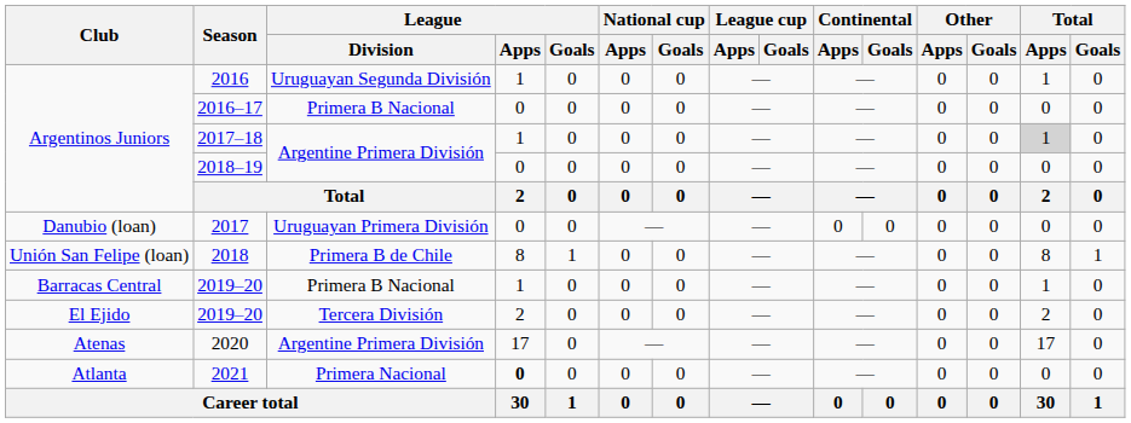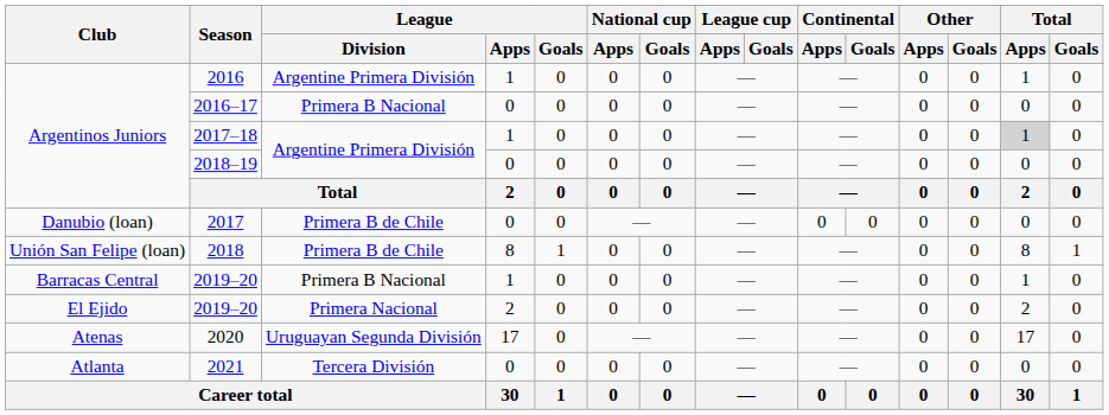 <table class="wikitable" style="text-align:center">
 <tr>
 <th rowspan="2">Club</th>
 <th rowspan="2">Season</th>
 <th colspan="3">League</th>
 <th colspan="2">National cup</th>
 <th colspan="2">League cup</th>
 <th colspan="2">Continental</th>
 <th colspan="2">Other</th>
 <th colspan="2">Total</th>
 </tr>
 <tr>
 <th>Division</th>
 <th>Apps</th>
 <th>Goals</th>
 <th>Apps</th>
 <th>Goals</th>
 <th>Apps</th>
 <th>Goals</th>
 <th>Apps</th>
 <th>Goals</th>
 <th>Apps</th>
 <th>Goals</th>
 <th>Apps</th>
 <th>Goals</th>
 </tr>
 <tr>
 <td rowspan="5"><a href='#'>Argentinos Juniors</a></td>
 <td><a href='#'>2016</a></td>
-<td><a href='#'>Uruguayan Segunda División</a></td>
+<td><a href='#'>Argentine Primera División</a></td>
 <td>1</td>
 <td>0</td>
 <td>0</td>
 <td>0</td>
 <td colspan="2">—</td>
 <td colspan="2">—</td>
 <td>0</td>
 <td>0</td>
 <td>1</td>
 <td>0</td>
 </tr>
 <tr>
 <td><a href='#'>2016–17</a></td>
 <td><a href='#'>Primera B Nacional</a></td>
 <td>0</td>
 <td>0</td>
 <td>0</td>
 <td>0</td>
 <td colspan="2">—</td>
 <td colspan="2">—</td>
 <td>0</td>
 <td>0</td>
 <td>0</td>
 <td>0</td>
 </tr>
 <tr>
 <td><a href='#'>2017–18</a></td>
 <td rowspan="2"><a href='#'>Argentine Primera División</a></td>
 <td>1</td>
 <td>0</td>
 <td>0</td>
 <td>0</td>
 <td colspan="2">—</td>
 <td colspan="2">—</td>
 <td>0</td>
 <td>0</td>
 <td style="background: lightgrey;">1</td>
 <td>0</td>
 </tr>
 <tr>
 <td><a href='#'>2018–19</a></td>
 <td>0</td>
 <td>0</td>
 <td>0</td>
 <td>0</td>
 <td colspan="2">—</td>
 <td colspan="2">—</td>
 <td>0</td>
 <td>0</td>
 <td>0</td>
 <td>0</td>
 </tr>
 <tr>
 <th colspan="2">Total</th>
 <th>2</th>
 <th>0</th>
 <th>0</th>
 <th>0</th>
 <th colspan="2">—</th>
 <th colspan="2">—</th>
 <th>0</th>
 <th>0</th>
 <th>2</th>
 <th>0</th>
 </tr>
 <tr>
 <td><a href='#'>Danubio</a> (loan)</td>
 <td><a href='#'>2017</a></td>
-<td><a href='#'>Uruguayan Primera División</a></td>
+<td><a href='#'>Primera B de Chile</a></td>
 <td>0</td>
 <td>0</td>
 <td colspan="2">—</td>
 <td colspan="2">—</td>
 <td>0</td>
 <td>0</td>
 <td>0</td>
 <td>0</td>
 <td>0</td>
 <td>0</td>
 </tr>
 <tr>
 <td><a href='#'>Unión San Felipe</a> (loan)</td>
 <td><a href='#'>2018</a></td>
 <td><a href='#'>Primera B de Chile</a></td>
 <td>8</td>
 <td>1</td>
 <td>0</td>
 <td>0</td>
 <td colspan="2">—</td>
 <td colspan="2">—</td>
 <td>0</td>
 <td>0</td>
 <td>8</td>
 <td>1</td>
 </tr>
 <tr>
 <td><a href='#'>Barracas Central</a></td>
 <td><a href='#'>2019–20</a></td>
 <td>Primera B Nacional</td>
 <td>1</td>
 <td>0</td>
 <td>0</td>
 <td>0</td>
 <td colspan="2">—</td>
 <td colspan="2">—</td>
 <td>0</td>
 <td>0</td>
 <td>1</td>
 <td>0</td>
 </tr>
 <tr>
 <td><a href='#'>El Ejido</a></td>
 <td><a href='#'>2019–20</a></td>
-<td><a href='#'>Tercera División</a></td>
+<td><a href='#'>Primera Nacional</a></td>
 <td>2</td>
 <td>0</td>
 <td>0</td>
 <td>0</td>
 <td colspan="2">—</td>
 <td colspan="2">—</td>
 <td>0</td>
 <td>0</td>
 <td>2</td>
 <td>0</td>
 </tr>
 <tr>
 <td><a href='#'>Atenas</a></td>
 <td>2020</td>
-<td><a href='#'>Argentine Primera División</a></td>
+<td><a href='#'>Uruguayan Segunda División</a></td>
 <td>17</td>
 <td>0</td>
 <td colspan="2">—</td>
 <td colspan="2">—</td>
 <td colspan="2">—</td>
 <td>0</td>
 <td>0</td>
 <td>17</td>
 <td>0</td>
 </tr>
 <tr>
 <td><a href='#'>Atlanta</a></td>
 <td><a href='#'>2021</a></td>
-<td><a href='#'>Primera Nacional</a></td>
-<td><strong>0</strong></td>
+<td><a href='#'>Tercera División</a></td>
+<td>0</td>
 <td>0</td>
 <td>0</td>
 <td>0</td>
 <td colspan="2">—</td>
 <td colspan="2">—</td>
 <td>0</td>
 <td>0</td>
 <td>0</td>
 <td>0</td>
 </tr>
 <tr>
 <th colspan="3">Career total</th>
 <th>30</th>
 <th>1</th>
 <th>0</th>
 <th>0</th>
 <th colspan="2">—</th>
 <th>0</th>
 <th>0</th>
 <th>0</th>
 <th>0</th>
 <th>30</th>
 <th>1</th>
 </tr>
 </table>
